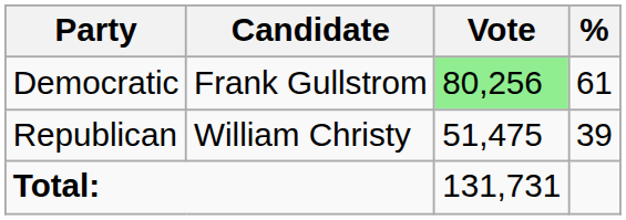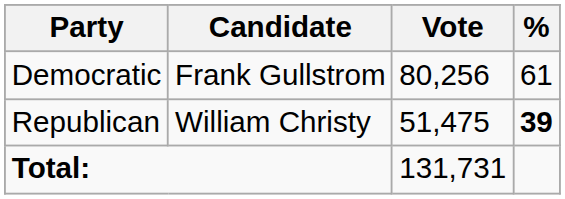 <table class="wikitable">
 <tr>
 <th>Party</th>
 <th>Candidate</th>
 <th>Vote</th>
 <th>%</th>
 </tr>
 <tr>
 <td>Democratic</td>
 <td>Frank Gullstrom</td>
-<td style="background: lightgreen;">80,256</td>
+<td>80,256</td>
 <td>61</td>
 </tr>
 <tr>
 <td>Republican</td>
 <td>William Christy</td>
 <td>51,475</td>
-<td>39</td>
+<td><strong>39</strong></td>
 </tr>
 <tr>
 <td colspan="2"><strong>Total:</strong></td>
 <td>131,731</td>
 <td></td>
 </tr>
 </table>
